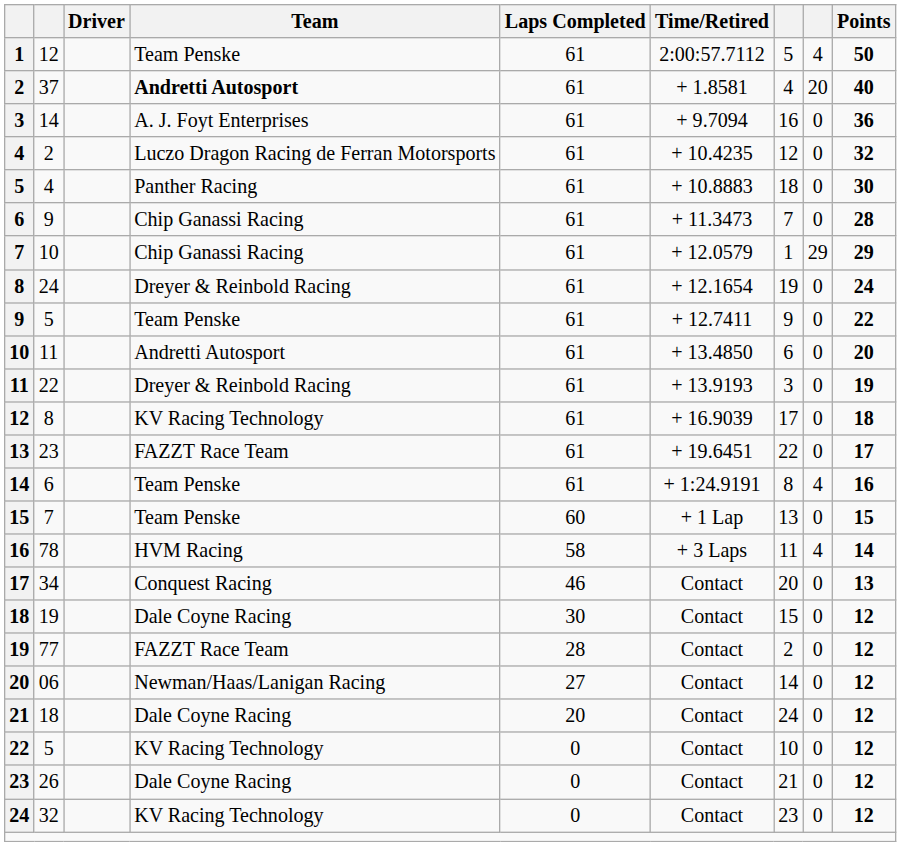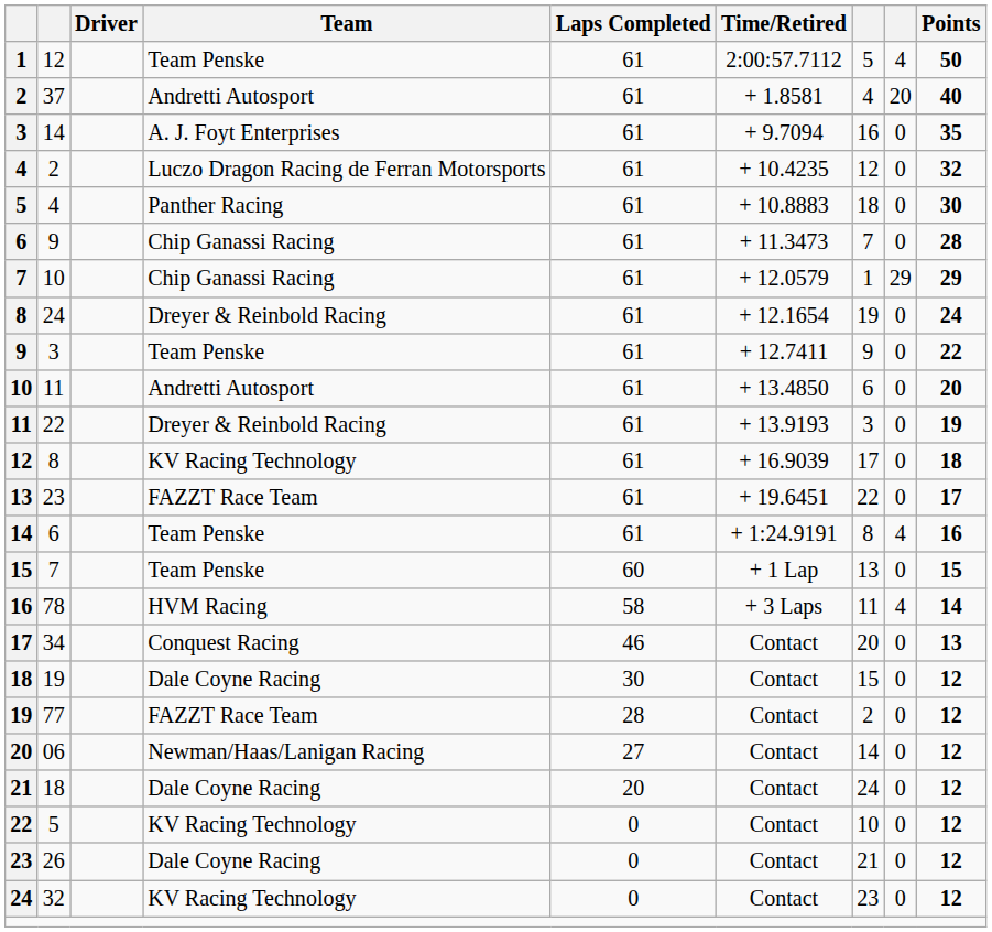 <table class="wikitable" style="font-size:95%;">
 <tr>
 <th scope="col"></th>
 <th scope="col"></th>
 <th scope="col">Driver</th>
 <th scope="col">Team</th>
 <th scope="col">Laps Completed</th>
 <th scope="col">Time/Retired</th>
 <th scope="col"></th>
 <th scope="col"></th>
 <th scope="col">Points</th>
 </tr>
 <tr>
 <th scope="row">1</th>
 <td align="center">12</td>
 <td></td>
 <td>Team Penske</td>
 <td align=center>61</td>
 <td align=center>2:00:57.7112</td>
 <td align=center>5</td>
 <td align=center>4</td>
 <td align=center><strong>50</strong></td>
 </tr>
 <tr>
 <th scope="row">2</th>
 <td align="center">37</td>
 <td></td>
-<td><strong>Andretti Autosport</strong></td>
+<td>Andretti Autosport</td>
 <td align=center>61</td>
 <td align=center>+ 1.8581</td>
 <td align=center>4</td>
 <td align=center>20</td>
 <td align=center><strong>40</strong></td>
 </tr>
 <tr>
 <th scope="row">3</th>
 <td align="center">14</td>
 <td></td>
 <td>A. J. Foyt Enterprises</td>
 <td align=center>61</td>
 <td align=center>+ 9.7094</td>
 <td align=center>16</td>
 <td align=center>0</td>
-<td align=center><strong>36</strong></td>
+<td align=center><strong>35</strong></td>
 </tr>
 <tr>
 <th scope="row">4</th>
 <td align="center">2</td>
 <td></td>
 <td>Luczo Dragon Racing de Ferran Motorsports</td>
 <td align=center>61</td>
 <td align=center>+ 10.4235</td>
 <td align=center>12</td>
 <td align=center>0</td>
 <td align=center><strong>32</strong></td>
 </tr>
 <tr>
 <th scope="row">5</th>
 <td align="center">4</td>
 <td></td>
 <td>Panther Racing</td>
 <td align=center>61</td>
 <td align=center>+ 10.8883</td>
 <td align=center>18</td>
 <td align=center>0</td>
 <td align=center><strong>30</strong></td>
 </tr>
 <tr>
 <th scope="row">6</th>
 <td align="center">9</td>
 <td></td>
 <td>Chip Ganassi Racing</td>
 <td align=center>61</td>
 <td align=center>+ 11.3473</td>
 <td align=center>7</td>
 <td align=center>0</td>
 <td align=center><strong>28</strong></td>
 </tr>
 <tr>
 <th scope="row">7</th>
 <td align="center">10</td>
 <td></td>
 <td>Chip Ganassi Racing</td>
 <td align=center>61</td>
 <td align=center>+ 12.0579</td>
 <td align=center>1</td>
 <td align=center>29</td>
 <td align=center><strong>29</strong></td>
 </tr>
 <tr>
 <th scope="row">8</th>
 <td align="center">24</td>
 <td></td>
 <td>Dreyer & Reinbold Racing</td>
 <td align=center>61</td>
 <td align=center>+ 12.1654</td>
 <td align=center>19</td>
 <td align=center>0</td>
 <td align=center><strong>24</strong></td>
 </tr>
 <tr>
 <th scope="row">9</th>
-<td align="center">5</td>
+<td align="center">3</td>
 <td></td>
 <td>Team Penske</td>
 <td align=center>61</td>
 <td align=center>+ 12.7411</td>
 <td align=center>9</td>
 <td align=center>0</td>
 <td align=center><strong>22</strong></td>
 </tr>
 <tr>
 <th scope="row">10</th>
 <td align="center">11</td>
 <td></td>
 <td>Andretti Autosport</td>
 <td align=center>61</td>
 <td align=center>+ 13.4850</td>
 <td align=center>6</td>
 <td align=center>0</td>
 <td align=center><strong>20</strong></td>
 </tr>
 <tr>
 <th scope="row">11</th>
 <td align="center">22</td>
 <td></td>
 <td>Dreyer & Reinbold Racing</td>
 <td align=center>61</td>
 <td align=center>+ 13.9193</td>
 <td align=center>3</td>
 <td align=center>0</td>
 <td align=center><strong>19</strong></td>
 </tr>
 <tr>
 <th scope="row">12</th>
 <td align="center">8</td>
 <td></td>
 <td>KV Racing Technology</td>
 <td align=center>61</td>
 <td align=center>+ 16.9039</td>
 <td align=center>17</td>
 <td align=center>0</td>
 <td align=center><strong>18</strong></td>
 </tr>
 <tr>
 <th scope="row">13</th>
 <td align="center">23</td>
 <td></td>
 <td>FAZZT Race Team</td>
 <td align=center>61</td>
 <td align=center>+ 19.6451</td>
 <td align=center>22</td>
 <td align=center>0</td>
 <td align=center><strong>17</strong></td>
 </tr>
 <tr>
 <th scope="row">14</th>
 <td align="center">6</td>
 <td></td>
 <td>Team Penske</td>
 <td align=center>61</td>
 <td align=center>+ 1:24.9191</td>
 <td align=center>8</td>
 <td align=center>4</td>
 <td align=center><strong>16</strong></td>
 </tr>
 <tr>
 <th scope="row">15</th>
 <td align="center">7</td>
 <td></td>
 <td>Team Penske</td>
 <td align=center>60</td>
 <td align=center>+ 1 Lap</td>
 <td align=center>13</td>
 <td align=center>0</td>
 <td align=center><strong>15</strong></td>
 </tr>
 <tr>
 <th scope="row">16</th>
 <td align="center">78</td>
 <td></td>
 <td>HVM Racing</td>
 <td align=center>58</td>
 <td align=center>+ 3 Laps</td>
 <td align=center>11</td>
 <td align=center>4</td>
 <td align=center><strong>14</strong></td>
 </tr>
 <tr>
 <th scope="row">17</th>
 <td align="center">34</td>
 <td></td>
 <td>Conquest Racing</td>
 <td align=center>46</td>
 <td align=center>Contact</td>
 <td align=center>20</td>
 <td align=center>0</td>
 <td align=center><strong>13</strong></td>
 </tr>
 <tr>
 <th scope="row">18</th>
 <td align="center">19</td>
 <td></td>
 <td>Dale Coyne Racing</td>
 <td align=center>30</td>
 <td align=center>Contact</td>
 <td align=center>15</td>
 <td align=center>0</td>
 <td align=center><strong>12</strong></td>
 </tr>
 <tr>
 <th scope="row">19</th>
 <td align="center">77</td>
 <td></td>
 <td>FAZZT Race Team</td>
 <td align=center>28</td>
 <td align=center>Contact</td>
 <td align=center>2</td>
 <td align=center>0</td>
 <td align=center><strong>12</strong></td>
 </tr>
 <tr>
 <th scope="row">20</th>
 <td align="center">06</td>
 <td></td>
 <td>Newman/Haas/Lanigan Racing</td>
 <td align=center>27</td>
 <td align=center>Contact</td>
 <td align=center>14</td>
 <td align=center>0</td>
 <td align=center><strong>12</strong></td>
 </tr>
 <tr>
 <th scope="row">21</th>
 <td align="center">18</td>
 <td></td>
 <td>Dale Coyne Racing</td>
 <td align=center>20</td>
 <td align=center>Contact</td>
 <td align=center>24</td>
 <td align=center>0</td>
 <td align=center><strong>12</strong></td>
 </tr>
 <tr>
 <th scope="row">22</th>
 <td align="center">5</td>
 <td></td>
 <td>KV Racing Technology</td>
 <td align=center>0</td>
 <td align=center>Contact</td>
 <td align=center>10</td>
 <td align=center>0</td>
 <td align=center><strong>12</strong></td>
 </tr>
 <tr>
 <th scope="row">23</th>
 <td align="center">26</td>
 <td></td>
 <td>Dale Coyne Racing</td>
 <td align=center>0</td>
 <td align=center>Contact</td>
 <td align=center>21</td>
 <td align=center>0</td>
 <td align=center><strong>12</strong></td>
 </tr>
 <tr>
 <th scope="row">24</th>
 <td align="center">32</td>
 <td></td>
 <td>KV Racing Technology</td>
 <td align=center>0</td>
 <td align=center>Contact</td>
 <td align=center>23</td>
 <td align=center>0</td>
 <td align=center><strong>12</strong></td>
 </tr>
 <tr class="sortbottom">
 <td colspan="10"></td>
 </tr>
 </table>
